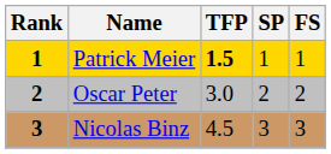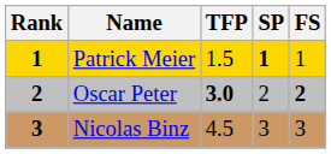 <table class="wikitable">
 <tr>
 <th>Rank</th>
 <th>Name</th>
 <th>TFP</th>
 <th>SP</th>
 <th>FS</th>
 </tr>
 <tr bgcolor="gold">
 <td align="center"><strong>1</strong></td>
 <td><a href='#'>Patrick Meier</a></td>
-<td><strong>1.5</strong></td>
-<td>1</td>
+<td>1.5</td>
+<td><strong>1</strong></td>
 <td>1</td>
 </tr>
 <tr bgcolor="silver">
 <td align="center"><strong>2</strong></td>
 <td><a href='#'>Oscar Peter</a></td>
-<td>3.0</td>
+<td><strong>3.0</strong></td>
 <td>2</td>
-<td>2</td>
+<td><strong>2</strong></td>
 </tr>
 <tr bgcolor="cc9966">
 <td align="center"><strong>3</strong></td>
 <td><a href='#'>Nicolas Binz</a></td>
 <td>4.5</td>
 <td>3</td>
 <td>3</td>
 </tr>
 <tr>
 </tr>
 </table>
